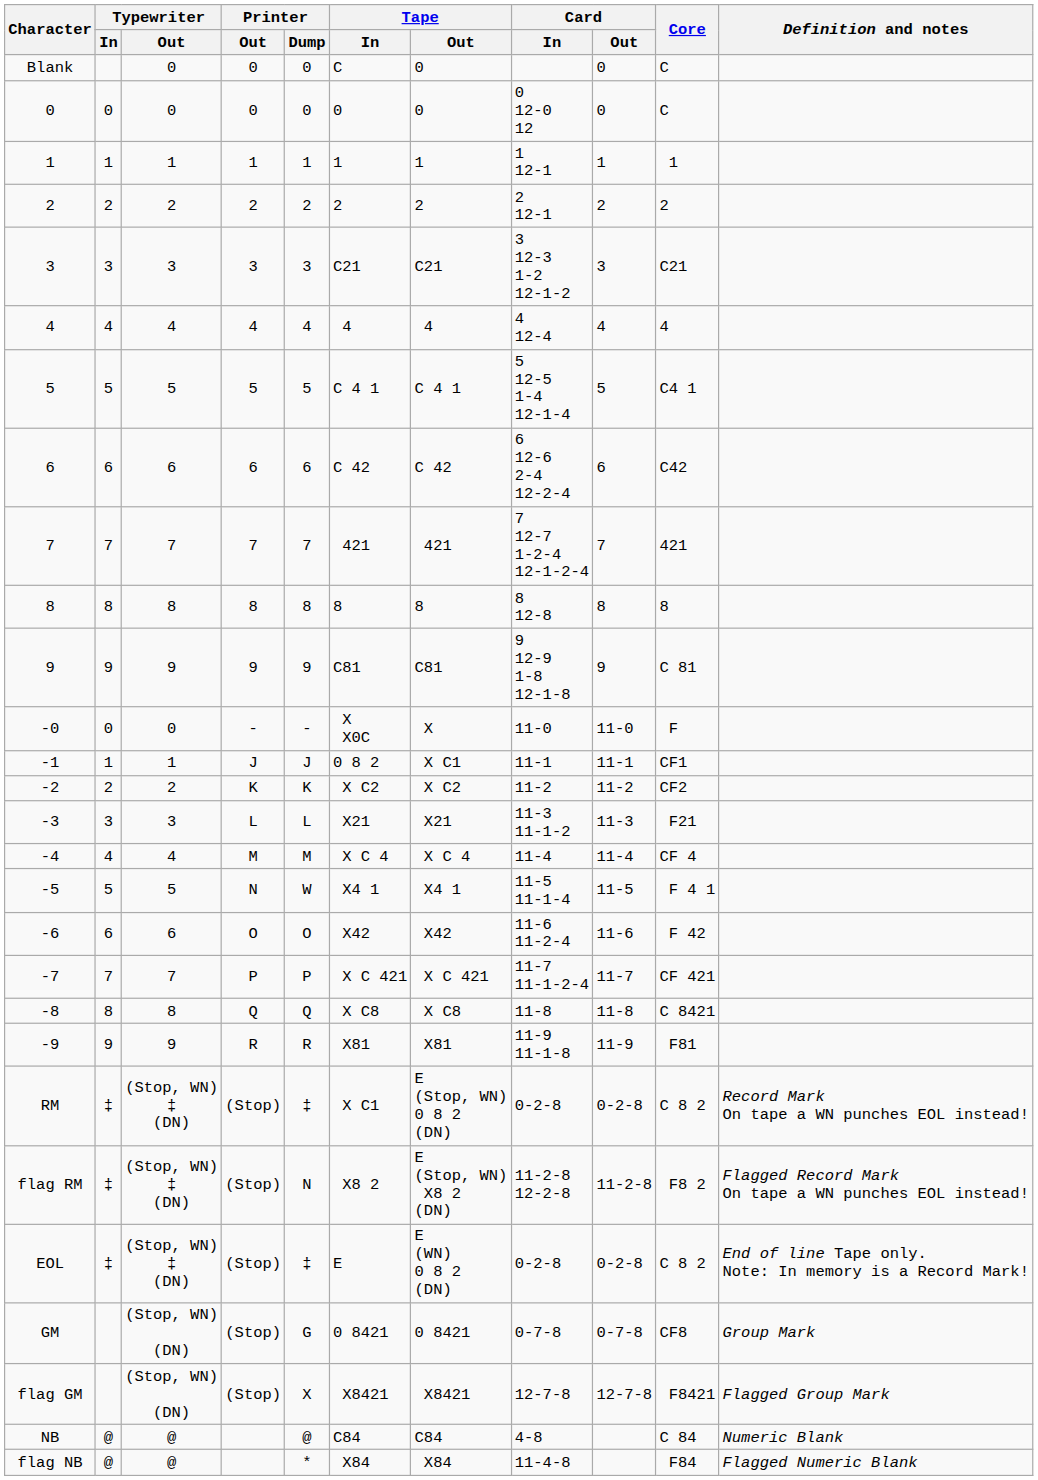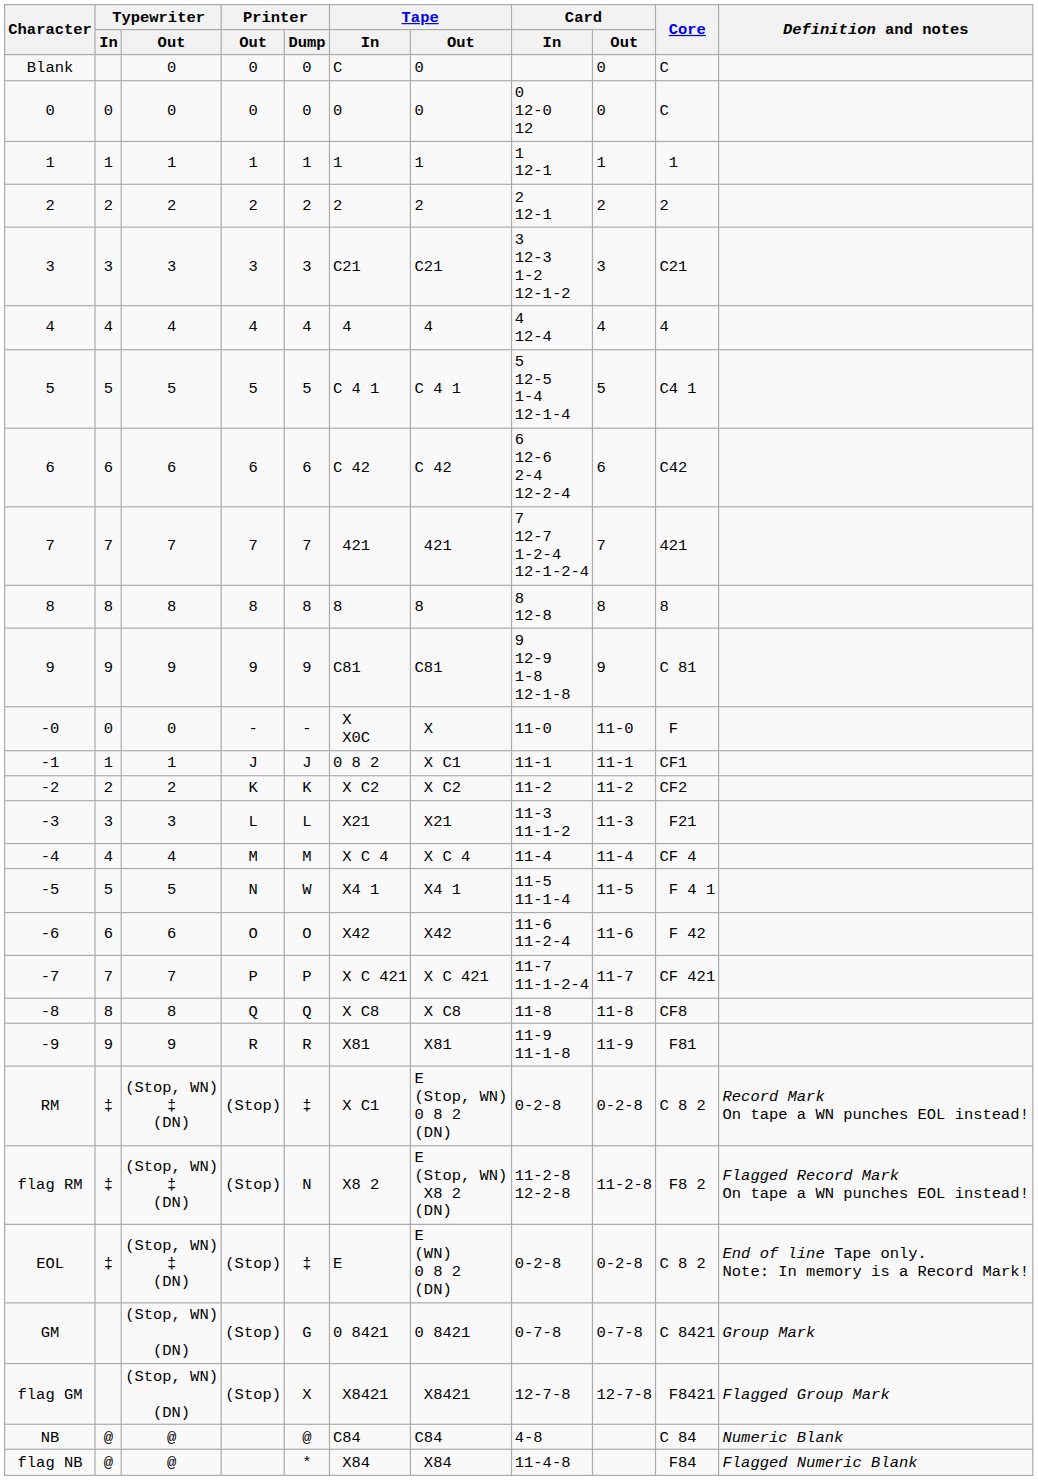 <table class="wikitable">
 <tr>
 <th rowspan=2>Character</th>
 <th colspan=2>Typewriter</th>
 <th colspan=2>Printer</th>
 <th colspan=2><a href='#'>Tape</a></th>
 <th colspan=2> Card </th>
 <th rowspan=2><a href='#'>Core</a></th>
 <th rowspan=2><em>Definition</em> and notes</th>
 </tr>
 <tr>
 <th>In</th>
 <th>Out</th>
 <th>Out</th>
 <th>Dump</th>
 <th>In</th>
 <th>Out</th>
 <th>In</th>
 <th>Out</th>
 </tr>
 <tr>
 <td style="text-align:center;">Blank</td>
 <td style="text-align:center;"> </td>
 <td style="text-align:center;">0</td>
 <td style="text-align:center;">0</td>
 <td style="text-align:center;">0</td>
 <td><code>C</code></td>
 <td><code>0 </code></td>
 <td> </td>
 <td>0</td>
 <td><code>C </code></td>
 <td> </td>
 </tr>
 <tr>
 <td style="text-align:center;">0</td>
 <td style="text-align:center;">0</td>
 <td style="text-align:center;">0</td>
 <td style="text-align:center;">0</td>
 <td style="text-align:center;">0</td>
 <td><code>0 </code></td>
 <td><code>0 </code></td>
 <td>0<br>12-0<br>12</td>
 <td>0</td>
 <td><code>C </code></td>
 <td> </td>
 </tr>
 <tr>
 <td style="text-align:center;">1</td>
 <td style="text-align:center;">1</td>
 <td style="text-align:center;">1</td>
 <td style="text-align:center;">1</td>
 <td style="text-align:center;">1</td>
 <td><code>1</code></td>
 <td><code>1</code></td>
 <td>1<br>12-1</td>
 <td>1</td>
 <td><code> 1</code></td>
 <td> </td>
 </tr>
 <tr>
 <td style="text-align:center;">2</td>
 <td style="text-align:center;">2</td>
 <td style="text-align:center;">2</td>
 <td style="text-align:center;">2</td>
 <td style="text-align:center;">2</td>
 <td><code>2 </code></td>
 <td><code>2 </code></td>
 <td>2<br>12-1</td>
 <td>2</td>
 <td><code>2 </code></td>
 <td> </td>
 </tr>
 <tr>
 <td style="text-align:center;">3</td>
 <td style="text-align:center;">3</td>
 <td style="text-align:center;">3</td>
 <td style="text-align:center;">3</td>
 <td style="text-align:center;">3</td>
 <td><code>C21</code></td>
 <td><code>C21</code></td>
 <td>3<br>12-3<br>1-2<br>12-1-2</td>
 <td>3</td>
 <td><code>C21</code></td>
 <td> </td>
 </tr>
 <tr>
 <td style="text-align:center;">4</td>
 <td style="text-align:center;">4</td>
 <td style="text-align:center;">4</td>
 <td style="text-align:center;">4</td>
 <td style="text-align:center;">4</td>
 <td><code> 4</code></td>
 <td><code> 4</code></td>
 <td>4<br>12-4</td>
 <td>4</td>
 <td><code>4</code></td>
 <td> </td>
 </tr>
 <tr>
 <td style="text-align:center;">5</td>
 <td style="text-align:center;">5</td>
 <td style="text-align:center;">5</td>
 <td style="text-align:center;">5</td>
 <td style="text-align:center;">5</td>
 <td><code>C 4 1</code></td>
 <td><code>C 4 1</code></td>
 <td>5<br>12-5<br>1-4<br>12-1-4</td>
 <td>5</td>
 <td><code>C4 1</code></td>
 <td> </td>
 </tr>
 <tr>
 <td style="text-align:center;">6</td>
 <td style="text-align:center;">6</td>
 <td style="text-align:center;">6</td>
 <td style="text-align:center;">6</td>
 <td style="text-align:center;">6</td>
 <td><code>C 42 </code></td>
 <td><code>C 42 </code></td>
 <td>6<br>12-6<br>2-4<br>12-2-4</td>
 <td>6</td>
 <td><code>C42 </code></td>
 <td> </td>
 </tr>
 <tr>
 <td style="text-align:center;">7</td>
 <td style="text-align:center;">7</td>
 <td style="text-align:center;">7</td>
 <td style="text-align:center;">7</td>
 <td style="text-align:center;">7</td>
 <td><code> 421</code></td>
 <td><code> 421</code></td>
 <td>7<br>12-7<br>1-2-4<br>12-1-2-4</td>
 <td>7</td>
 <td><code>421</code></td>
 <td> </td>
 </tr>
 <tr>
 <td style="text-align:center;">8</td>
 <td style="text-align:center;">8</td>
 <td style="text-align:center;">8</td>
 <td style="text-align:center;">8</td>
 <td style="text-align:center;">8</td>
 <td><code>8</code></td>
 <td><code>8</code></td>
 <td>8<br>12-8</td>
 <td>8</td>
 <td><code>8</code></td>
 <td> </td>
 </tr>
 <tr>
 <td style="text-align:center;">9</td>
 <td style="text-align:center;">9</td>
 <td style="text-align:center;">9</td>
 <td style="text-align:center;">9</td>
 <td style="text-align:center;">9</td>
 <td><code>C81</code></td>
 <td><code>C81</code></td>
 <td>9<br>12-9<br>1-8<br>12-1-8</td>
 <td>9</td>
 <td><code>C 81</code></td>
 <td> </td>
 </tr>
 <tr>
 <td style="text-align:center;">-0</td>
 <td style="text-align:center;"><span>0</span></td>
 <td style="text-align:center;"><span>0</span></td>
 <td style="text-align:center;">-</td>
 <td style="text-align:center;">-</td>
 <td><code> X</code><br><code> X0C</code></td>
 <td><code> X</code></td>
 <td>11-0</td>
 <td>11-0</td>
 <td><code> F</code></td>
 <td> </td>
 </tr>
 <tr>
 <td style="text-align:center;">-1</td>
 <td style="text-align:center;"><span>1</span></td>
 <td style="text-align:center;"><span>1</span></td>
 <td style="text-align:center;">J</td>
 <td style="text-align:center;">J</td>
 <td><code>0 8 2 </code></td>
 <td><code> X C1</code></td>
 <td>11-1</td>
 <td>11-1</td>
 <td><code>CF1</code></td>
 <td> </td>
 </tr>
 <tr>
 <td style="text-align:center;">-2</td>
 <td style="text-align:center;"><span>2</span></td>
 <td style="text-align:center;"><span>2</span></td>
 <td style="text-align:center;">K</td>
 <td style="text-align:center;">K</td>
 <td><code> X C2 </code></td>
 <td><code> X C2 </code></td>
 <td>11-2</td>
 <td>11-2</td>
 <td><code>CF2 </code></td>
 <td> </td>
 </tr>
 <tr>
 <td style="text-align:center;">-3</td>
 <td style="text-align:center;"><span>3</span></td>
 <td style="text-align:center;"><span>3</span></td>
 <td style="text-align:center;">L</td>
 <td style="text-align:center;">L</td>
 <td><code> X21</code></td>
 <td><code> X21</code></td>
 <td>11-3<br>11-1-2</td>
 <td>11-3</td>
 <td><code> F21</code></td>
 <td> </td>
 </tr>
 <tr>
 <td style="text-align:center;">-4</td>
 <td style="text-align:center;"><span>4</span></td>
 <td style="text-align:center;"><span>4</span></td>
 <td style="text-align:center;">M</td>
 <td style="text-align:center;">M</td>
 <td><code> X C 4</code></td>
 <td><code> X C 4</code></td>
 <td>11-4</td>
 <td>11-4</td>
 <td><code>CF 4</code></td>
 <td> </td>
 </tr>
 <tr>
 <td style="text-align:center;">-5</td>
 <td style="text-align:center;"><span>5</span></td>
 <td style="text-align:center;"><span>5</span></td>
 <td style="text-align:center;">N</td>
 <td style="text-align:center;">W</td>
 <td><code> X4 1</code></td>
 <td><code> X4 1</code></td>
 <td>11-5<br>11-1-4</td>
 <td>11-5</td>
 <td><code> F 4 1</code></td>
 <td> </td>
 </tr>
 <tr>
 <td style="text-align:center;">-6</td>
 <td style="text-align:center;"><span>6</span></td>
 <td style="text-align:center;"><span>6</span></td>
 <td style="text-align:center;">O</td>
 <td style="text-align:center;">O</td>
 <td><code> X42 </code></td>
 <td><code> X42 </code></td>
 <td>11-6<br>11-2-4</td>
 <td>11-6</td>
 <td><code> F 42 </code></td>
 <td> </td>
 </tr>
 <tr>
 <td style="text-align:center;">-7</td>
 <td style="text-align:center;"><span>7</span></td>
 <td style="text-align:center;"><span>7</span></td>
 <td style="text-align:center;">P</td>
 <td style="text-align:center;">P</td>
 <td><code> X C 421</code></td>
 <td><code> X C 421</code></td>
 <td>11-7<br>11-1-2-4</td>
 <td>11-7</td>
 <td><code>CF 421</code></td>
 <td> </td>
 </tr>
 <tr>
 <td style="text-align:center;">-8</td>
 <td style="text-align:center;"><span>8</span></td>
 <td style="text-align:center;"><span>8</span></td>
 <td style="text-align:center;">Q</td>
 <td style="text-align:center;">Q</td>
 <td><code> X C8</code></td>
 <td><code> X C8</code></td>
 <td>11-8</td>
 <td>11-8</td>
-<td><code>C 8421</code></td>
+<td><code>CF8</code></td>
 <td> </td>
 </tr>
 <tr>
 <td style="text-align:center;">-9</td>
 <td style="text-align:center;"><span>9</span></td>
 <td style="text-align:center;"><span>9</span></td>
 <td style="text-align:center;">R</td>
 <td style="text-align:center;">R</td>
 <td><code> X81</code></td>
 <td><code> X81</code></td>
 <td>11-9<br>11-1-8</td>
 <td>11-9</td>
 <td><code> F81</code></td>
 <td> </td>
 </tr>
 <tr>
 <td style="text-align:center;">RM</td>
 <td style="text-align:center;">‡</td>
 <td style="text-align:center;">(Stop, WN)<br>‡<br>(DN)</td>
 <td style="text-align:center;">(Stop)</td>
 <td style="text-align:center;">‡</td>
 <td><code> X C1</code></td>
 <td><code>E</code><br>(Stop, WN)<br><code>0 8 2 </code><br>(DN)</td>
 <td>0-2-8</td>
 <td>0-2-8</td>
 <td><code>C 8 2 </code></td>
 <td><em>Record Mark</em><br>On tape a WN punches EOL instead!</td>
 </tr>
 <tr>
 <td style="text-align:center;">flag RM</td>
 <td style="text-align:center;"><span>‡</span></td>
 <td style="text-align:center;">(Stop, WN)<br><span>‡</span><br>(DN)</td>
 <td style="text-align:center;">(Stop)</td>
 <td style="text-align:center;">N</td>
 <td><code> X8 2 </code></td>
 <td><code>E</code><br>(Stop, WN)<br><code> X8 2 </code><br>(DN)</td>
 <td>11-2-8<br>12-2-8</td>
 <td>11-2-8</td>
 <td><code> F8 2 </code></td>
 <td><em>Flagged Record Mark</em><br>On tape a WN punches EOL instead!</td>
 </tr>
 <tr>
 <td style="text-align:center;">EOL</td>
 <td style="text-align:center;">‡</td>
 <td style="text-align:center;">(Stop, WN)<br>‡<br>(DN)</td>
 <td style="text-align:center;">(Stop)</td>
 <td style="text-align:center;">‡</td>
 <td><code>E</code></td>
 <td><code>E</code><br>(WN)<br><code>0 8 2 </code><br>(DN)</td>
 <td>0-2-8</td>
 <td>0-2-8</td>
 <td><code>C 8 2 </code></td>
 <td><em>End of line</em> Tape only.<br>Note: In memory is a Record Mark!</td>
 </tr>
 <tr>
 <td style="text-align:center;">GM</td>
 <td style="text-align:center;"></td>
 <td style="text-align:center;">(Stop, WN)<br><br>(DN)</td>
 <td style="text-align:center;">(Stop)</td>
 <td style="text-align:center;">G</td>
 <td><code>0 8421</code></td>
 <td><code>0 8421</code></td>
 <td>0-7-8</td>
 <td>0-7-8</td>
-<td><code>CF8</code></td>
+<td><code>C 8421</code></td>
 <td><em>Group Mark</em></td>
 </tr>
 <tr>
 <td style="text-align:center;">flag GM</td>
 <td style="text-align:center;"><span></span></td>
 <td style="text-align:center;">(Stop, WN)<br><span></span><br>(DN)</td>
 <td style="text-align:center;">(Stop)</td>
 <td style="text-align:center;">X</td>
 <td><code> X8421</code></td>
 <td><code> X8421</code></td>
 <td>12-7-8</td>
 <td>12-7-8</td>
 <td><code> F8421</code></td>
 <td><em>Flagged Group Mark</em></td>
 </tr>
 <tr>
 <td style="text-align:center;">NB</td>
 <td style="text-align:center;">@</td>
 <td style="text-align:center;">@</td>
 <td style="text-align:center;"></td>
 <td style="text-align:center;">@</td>
 <td><code>C84</code></td>
 <td><code>C84</code></td>
 <td>4-8</td>
 <td></td>
 <td><code>C 84</code></td>
 <td><em>Numeric Blank</em></td>
 </tr>
 <tr>
 <td style="text-align:center;">flag NB</td>
 <td style="text-align:center;"><span>@</span></td>
 <td style="text-align:center;"><span>@</span></td>
 <td style="text-align:center;"></td>
 <td style="text-align:center;">*</td>
 <td><code> X84</code></td>
 <td><code> X84</code></td>
 <td>11-4-8</td>
 <td></td>
 <td><code> F84</code></td>
 <td><em>Flagged Numeric Blank</em></td>
 </tr>
 </table>
